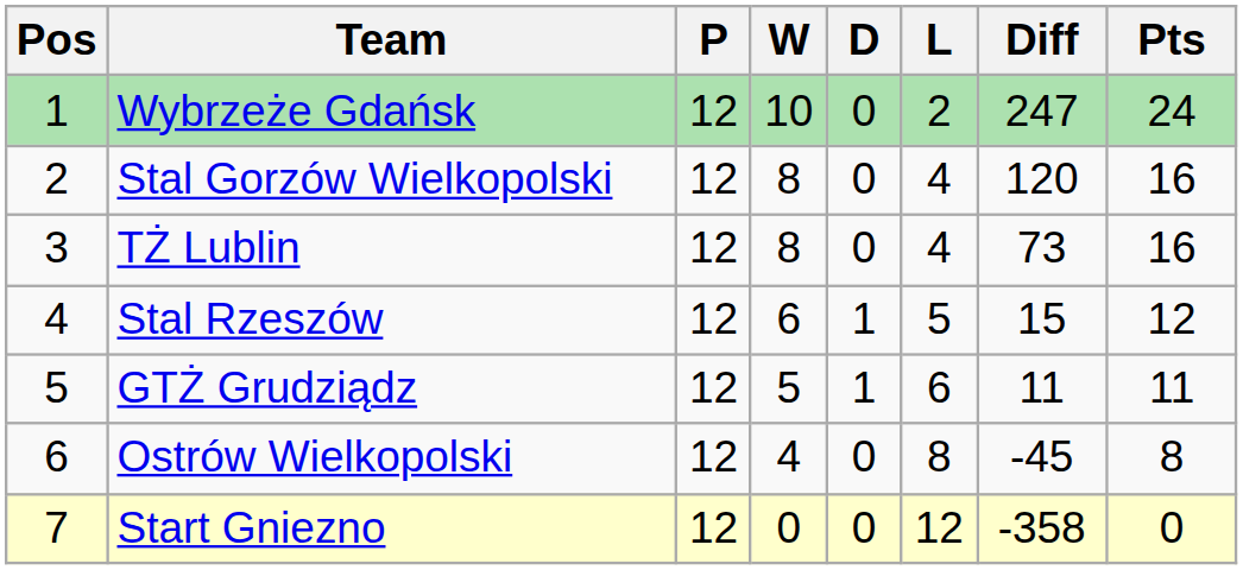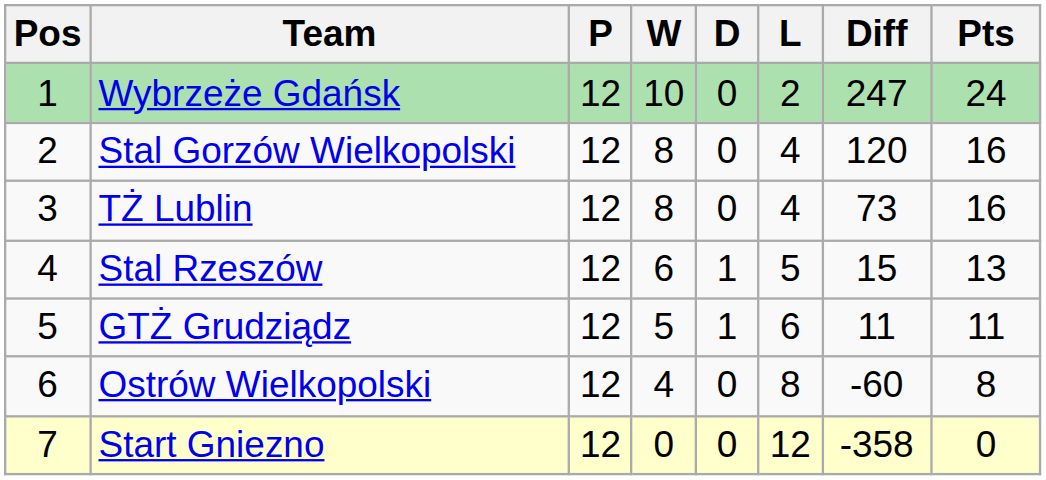 <table class="wikitable" style="font-size: 100%">
 <tr>
 <th width=20>Pos</th>
 <th width=200>Team</th>
 <th width=20>P</th>
 <th width=20>W</th>
 <th width=20>D</th>
 <th width=20>L</th>
 <th width=40>Diff</th>
 <th width=40>Pts</th>
 </tr>
 <tr align=center style="background:#ACE1AF;">
 <td>1</td>
 <td align="left"><a href='#'>Wybrzeże Gdańsk</a></td>
 <td>12</td>
 <td>10</td>
 <td>0</td>
 <td>2</td>
 <td>247</td>
 <td>24</td>
 </tr>
 <tr align=center>
 <td>2</td>
 <td align="left"><a href='#'>Stal Gorzów Wielkopolski</a></td>
 <td>12</td>
 <td>8</td>
 <td>0</td>
 <td>4</td>
 <td>120</td>
 <td>16</td>
 </tr>
 <tr align=center>
 <td>3</td>
 <td align="left"><a href='#'>TŻ Lublin</a></td>
 <td>12</td>
 <td>8</td>
 <td>0</td>
 <td>4</td>
 <td>73</td>
 <td>16</td>
 </tr>
 <tr align=center>
 <td>4</td>
 <td align="left"><a href='#'>Stal Rzeszów</a></td>
 <td>12</td>
 <td>6</td>
 <td>1</td>
 <td>5</td>
 <td>15</td>
-<td>12</td>
+<td>13</td>
 </tr>
 <tr align=center>
 <td>5</td>
 <td align="left"><a href='#'>GTŻ Grudziądz</a></td>
 <td>12</td>
 <td>5</td>
 <td>1</td>
 <td>6</td>
 <td>11</td>
 <td>11</td>
 </tr>
 <tr align=center>
 <td>6</td>
 <td align="left"><a href='#'>Ostrów Wielkopolski</a></td>
 <td>12</td>
 <td>4</td>
 <td>0</td>
 <td>8</td>
-<td>-45</td>
+<td>-60</td>
 <td>8</td>
 </tr>
 <tr align=center style="background: #ffffcc;">
 <td>7</td>
 <td align="left"><a href='#'>Start Gniezno</a></td>
 <td>12</td>
 <td>0</td>
 <td>0</td>
 <td>12</td>
 <td>-358</td>
 <td>0</td>
 </tr>
 </table>
